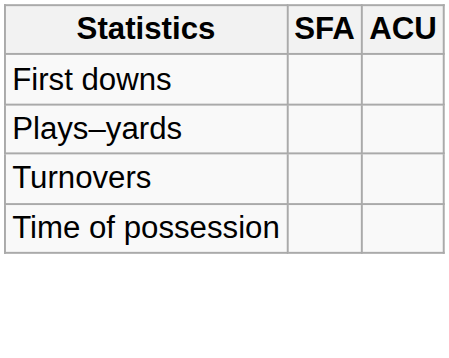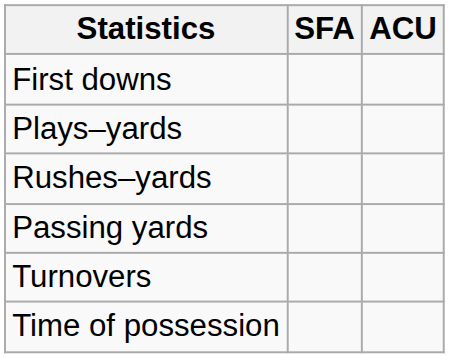 <table class="wikitable" style="float:left">
 <tr>
 <th>Statistics</th>
 <th>SFA</th>
 <th>ACU</th>
 </tr>
 <tr>
 <td>First downs</td>
 <td></td>
 <td></td>
 </tr>
 <tr>
 <td>Plays–yards</td>
 <td></td>
 <td></td>
 </tr>
 <tr>
+<td>Rushes–yards</td>
+<td></td>
+<td></td>
+</tr>
+<tr>
+<td>Passing yards</td>
+<td></td>
+<td></td>
+</tr>
+<tr>
 <td>Turnovers</td>
 <td></td>
 <td></td>
 </tr>
 <tr>
 <td>Time of possession</td>
 <td></td>
 <td></td>
 </tr>
 </table>
